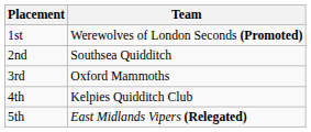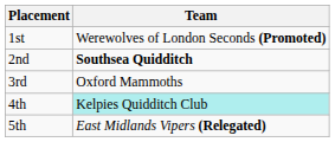 <table class="wikitable">
 <tr>
 <th>Placement</th>
 <th>Team</th>
 </tr>
 <tr>
 <td>1st</td>
 <td>Werewolves of London Seconds <strong>(Promoted)</strong></td>
 </tr>
 <tr>
 <td>2nd</td>
-<td>Southsea Quidditch</td>
+<td><strong>Southsea Quidditch</strong></td>
 </tr>
 <tr>
 <td>3rd</td>
 <td>Oxford Mammoths</td>
 </tr>
 <tr>
 <td>4th</td>
-<td>Kelpies Quidditch Club</td>
+<td style="background: paleturquoise;">Kelpies Quidditch Club</td>
 </tr>
 <tr>
 <td>5th</td>
 <td><em>East Midlands Vipers</em> <strong>(Relegated)</strong></td>
 </tr>
 </table>
